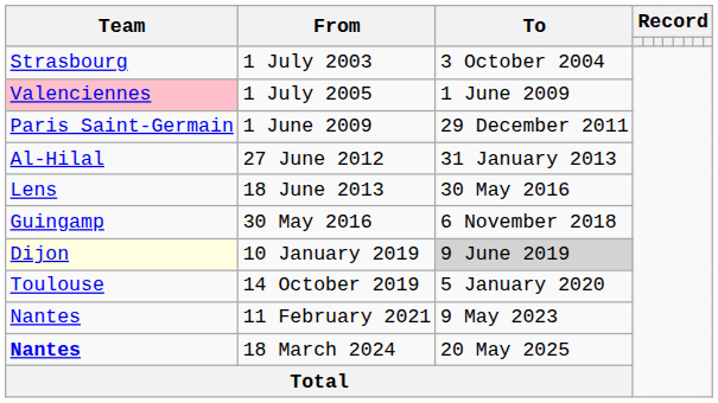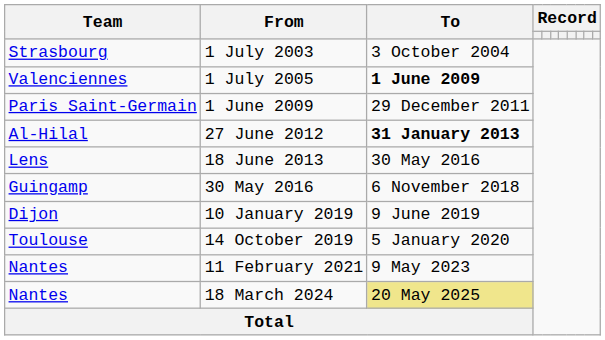 <table class="wikitable" style="text-align: center;">
 <tr>
 <th rowspan=2>Team</th>
 <th rowspan=2>From</th>
 <th rowspan=2>To</th>
 <th colspan=8>Record</th>
 </tr>
 <tr>
 <th></th>
 <th></th>
 <th></th>
 <th></th>
 <th></th>
 <th></th>
 <th></th>
 <th></th>
 </tr>
 <tr>
 <td align=left><a href='#'>Strasbourg</a></td>
 <td align=left>1 July 2003</td>
 <td align=left>3 October 2004<br></td>
 </tr>
 <tr>
-<td align=left style="background: pink;"><a href='#'>Valenciennes</a></td>
+<td align=left><a href='#'>Valenciennes</a></td>
 <td align=left>1 July 2005</td>
-<td align=left>1 June 2009<br></td>
+<td align=left><strong>1 June 2009<br></strong></td>
 </tr>
 <tr>
 <td align=left><a href='#'>Paris Saint-Germain</a></td>
 <td align=left>1 June 2009</td>
 <td align=left>29 December 2011<br></td>
 </tr>
 <tr>
 <td align=left><a href='#'>Al-Hilal</a></td>
 <td align=left>27 June 2012</td>
-<td align=left>31 January 2013<br></td>
+<td align=left><strong>31 January 2013<br></strong></td>
 </tr>
 <tr>
 <td align=left><a href='#'>Lens</a></td>
 <td align=left>18 June 2013</td>
 <td align=left>30 May 2016<br></td>
 </tr>
 <tr>
 <td align=left><a href='#'>Guingamp</a></td>
 <td align=left>30 May 2016</td>
 <td align=left>6 November 2018<br></td>
 </tr>
 <tr>
-<td align=left style="background: lightyellow;"><a href='#'>Dijon</a></td>
+<td align=left><a href='#'>Dijon</a></td>
 <td align=left>10 January 2019</td>
-<td align=left style="background: lightgrey;">9 June 2019<br></td>
+<td align=left>9 June 2019<br></td>
 </tr>
 <tr>
 <td align=left><a href='#'>Toulouse</a></td>
 <td align=left>14 October 2019</td>
 <td align=left>5 January 2020<br></td>
 </tr>
 <tr>
 <td align=left><a href='#'>Nantes</a></td>
 <td align=left>11 February 2021</td>
 <td align=left>9 May 2023<br></td>
 </tr>
 <tr>
-<td align=left><strong><a href='#'>Nantes</a></strong></td>
+<td align=left><a href='#'>Nantes</a></td>
 <td align=left>18 March 2024</td>
-<td align=left>20 May 2025<br></td>
+<td align=left style="background: khaki;">20 May 2025<br></td>
 </tr>
 <tr>
 <th colspan="3">Total<br></th>
 </tr>
 </table>
